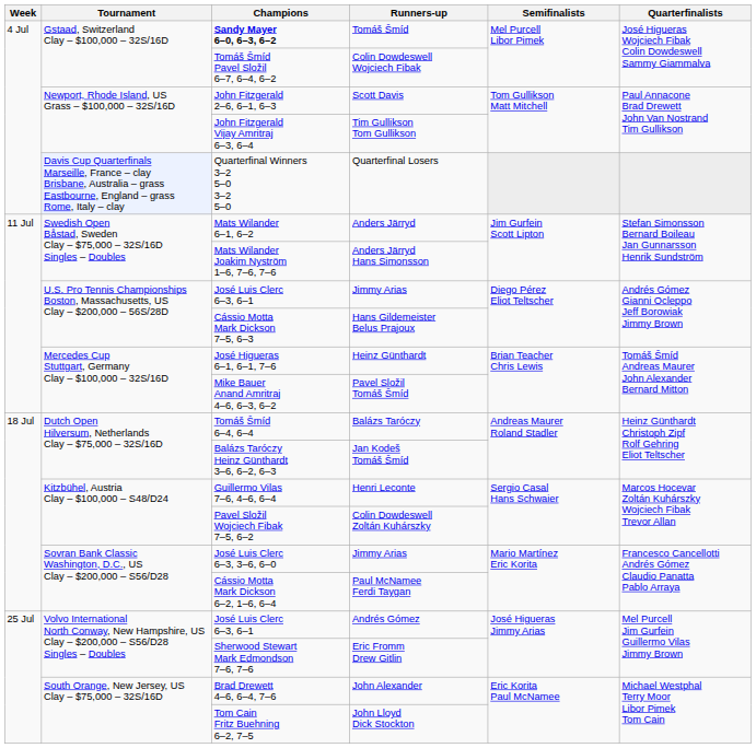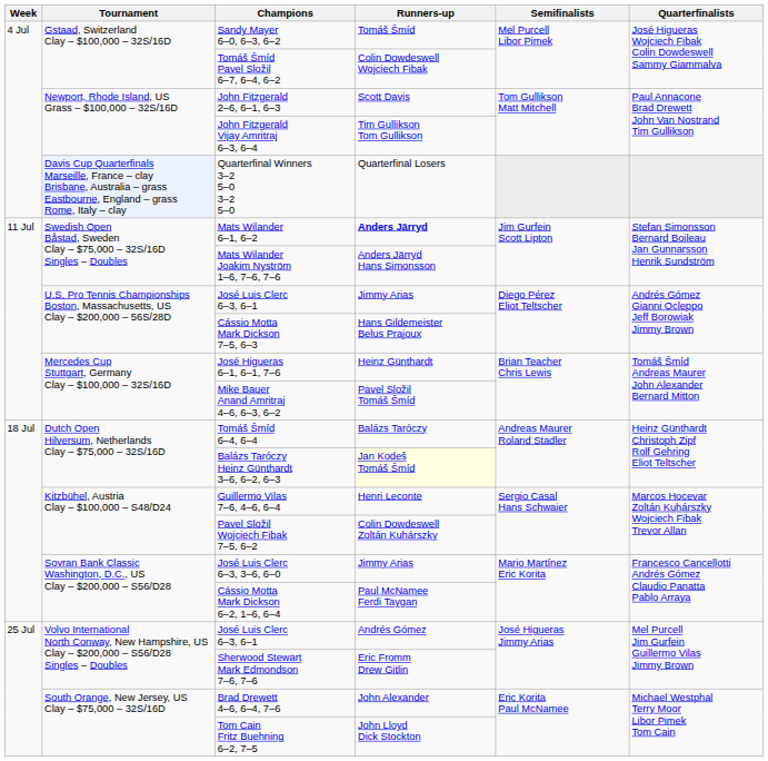 <table class="wikitable" style="font-size:95%;">
 <tr>
 <th style="width:48px;">Week</th>
 <th style="width:248px;">Tournament</th>
 <th style="width:200px;">Champions</th>
 <th style="width:200px;">Runners-up</th>
 <th style="width:190px;">Semifinalists</th>
 <th style="width:190px;">Quarterfinalists</th>
 </tr>
 <tr valign=top>
 <td rowspan=5>4 Jul</td>
 <td rowspan=2><a href='#'>Gstaad</a>, Switzerland <br> Clay – $100,000 – 32S/16D</td>
-<td><strong> <a href='#'>Sandy Mayer</a> <br> 6–0, 6–3, 6–2</strong></td>
+<td> <a href='#'>Sandy Mayer</a> <br> 6–0, 6–3, 6–2</td>
 <td> <a href='#'>Tomáš Šmíd</a></td>
 <td rowspan=2> <a href='#'>Mel Purcell</a> <br>  <a href='#'>Libor Pimek</a></td>
 <td rowspan=2> <a href='#'>José Higueras</a> <br>  <a href='#'>Wojciech Fibak</a> <br>  <a href='#'>Colin Dowdeswell</a> <br>  <a href='#'>Sammy Giammalva</a></td>
 </tr>
 <tr valign=top>
 <td> <a href='#'>Tomáš Šmíd</a> <br>  <a href='#'>Pavel Složil</a> <br> 6–7, 6–4, 6–2</td>
 <td> <a href='#'>Colin Dowdeswell</a> <br>  <a href='#'>Wojciech Fibak</a></td>
 </tr>
 <tr valign=top>
 <td rowspan=2><a href='#'>Newport, Rhode Island</a>, US <br> Grass – $100,000 – 32S/16D</td>
 <td> <a href='#'>John Fitzgerald</a> <br> 2–6, 6–1, 6–3</td>
 <td> <a href='#'>Scott Davis</a></td>
 <td rowspan=2> <a href='#'>Tom Gullikson</a> <br>  <a href='#'>Matt Mitchell</a></td>
 <td rowspan=2> <a href='#'>Paul Annacone</a> <br>  <a href='#'>Brad Drewett</a> <br>  <a href='#'>John Van Nostrand</a> <br>  <a href='#'>Tim Gullikson</a></td>
 </tr>
 <tr valign=top>
 <td> <a href='#'>John Fitzgerald</a> <br>  <a href='#'>Vijay Amritraj</a> <br> 6–3, 6–4</td>
 <td> <a href='#'>Tim Gullikson</a> <br>  <a href='#'>Tom Gullikson</a></td>
 </tr>
 <tr valign=top>
 <td style="background:#ECF2FF;"><a href='#'>Davis Cup Quarterfinals</a><br> <a href='#'>Marseille</a>, France – clay<br> <a href='#'>Brisbane</a>, Australia – grass <br> <a href='#'>Eastbourne</a>, England – grass<br> <a href='#'>Rome</a>, Italy – clay</td>
 <td>Quarterfinal Winners<br> 3–2<br> 5–0<br> 3–2<br> 5–0</td>
 <td>Quarterfinal Losers<br><br><br><br></td>
 <td style="background:#ededed;"></td>
 <td style="background:#ededed;"></td>
 </tr>
 <tr valign=top>
 <td rowspan=6>11 Jul</td>
 <td rowspan=2><a href='#'>Swedish Open</a> <br> <a href='#'>Båstad</a>, Sweden <br> Clay – $75,000 – 32S/16D <br> <a href='#'>Singles</a> – <a href='#'>Doubles</a></td>
 <td> <a href='#'>Mats Wilander</a> <br> 6–1, 6–2</td>
-<td> <a href='#'>Anders Järryd</a></td>
+<td><strong> <a href='#'>Anders Järryd</a></strong></td>
 <td rowspan=2> <a href='#'>Jim Gurfein</a> <br>  <a href='#'>Scott Lipton</a></td>
 <td rowspan=2> <a href='#'>Stefan Simonsson</a> <br>  <a href='#'>Bernard Boileau</a> <br>  <a href='#'>Jan Gunnarsson</a> <br>  <a href='#'>Henrik Sundström</a></td>
 </tr>
 <tr valign=top>
 <td> <a href='#'>Mats Wilander</a> <br>  <a href='#'>Joakim Nyström</a> <br> 1–6, 7–6, 7–6</td>
 <td> <a href='#'>Anders Järryd</a> <br>  <a href='#'>Hans Simonsson</a></td>
 </tr>
 <tr valign=top>
 <td rowspan=2><a href='#'>U.S. Pro Tennis Championships</a> <br> <a href='#'>Boston</a>, Massachusetts, US <br> Clay – $200,000 – 56S/28D</td>
 <td> <a href='#'>José Luis Clerc</a> <br> 6–3, 6–1</td>
 <td> <a href='#'>Jimmy Arias</a></td>
 <td rowspan=2> <a href='#'>Diego Pérez</a> <br>  <a href='#'>Eliot Teltscher</a></td>
 <td rowspan=2> <a href='#'>Andrés Gómez</a> <br>  <a href='#'>Gianni Ocleppo</a> <br>  <a href='#'>Jeff Borowiak</a> <br>  <a href='#'>Jimmy Brown</a></td>
 </tr>
 <tr valign=top>
 <td> <a href='#'>Cássio Motta</a> <br>  <a href='#'>Mark Dickson</a> <br> 7–5, 6–3</td>
 <td> <a href='#'>Hans Gildemeister</a> <br>  <a href='#'>Belus Prajoux</a></td>
 </tr>
 <tr valign=top>
 <td rowspan=2><a href='#'>Mercedes Cup</a> <br> <a href='#'>Stuttgart</a>, Germany <br> Clay – $100,000 – 32S/16D</td>
 <td> <a href='#'>José Higueras</a> <br> 6–1, 6–1, 7–6</td>
 <td> <a href='#'>Heinz Günthardt</a></td>
 <td rowspan=2> <a href='#'>Brian Teacher</a> <br>  <a href='#'>Chris Lewis</a></td>
 <td rowspan=2> <a href='#'>Tomáš Šmíd</a> <br>  <a href='#'>Andreas Maurer</a> <br>  <a href='#'>John Alexander</a> <br>  <a href='#'>Bernard Mitton</a></td>
 </tr>
 <tr valign=top>
 <td> <a href='#'>Mike Bauer</a> <br>  <a href='#'>Anand Amritraj</a> <br> 4–6, 6–3, 6–2</td>
 <td> <a href='#'>Pavel Složil</a> <br>  <a href='#'>Tomáš Šmíd</a></td>
 </tr>
 <tr valign=top>
 <td rowspan=6>18 Jul</td>
 <td rowspan=2><a href='#'>Dutch Open</a> <br> <a href='#'>Hilversum</a>, Netherlands <br> Clay – $75,000 – 32S/16D</td>
 <td> <a href='#'>Tomáš Šmíd</a> <br> 6–4, 6–4</td>
 <td> <a href='#'>Balázs Taróczy</a></td>
 <td rowspan=2> <a href='#'>Andreas Maurer</a> <br>  <a href='#'>Roland Stadler</a></td>
 <td rowspan=2> <a href='#'>Heinz Günthardt</a> <br>  <a href='#'>Christoph Zipf</a> <br>  <a href='#'>Rolf Gehring</a> <br>  <a href='#'>Eliot Teltscher</a></td>
 </tr>
 <tr valign=top>
 <td> <a href='#'>Balázs Taróczy</a> <br>  <a href='#'>Heinz Günthardt</a> <br> 3–6, 6–2, 6–3</td>
-<td> <a href='#'>Jan Kodeš</a> <br>  <a href='#'>Tomáš Šmíd</a></td>
+<td style="background: lightyellow;"> <a href='#'>Jan Kodeš</a> <br>  <a href='#'>Tomáš Šmíd</a></td>
 </tr>
 <tr valign=top>
 <td rowspan=2><a href='#'>Kitzbühel</a>, Austria <br> Clay – $100,000 – S48/D24</td>
 <td> <a href='#'>Guillermo Vilas</a> <br> 7–6, 4–6, 6–4</td>
 <td> <a href='#'>Henri Leconte</a></td>
 <td rowspan=2> <a href='#'>Sergio Casal</a> <br>  <a href='#'>Hans Schwaier</a></td>
 <td rowspan=2> <a href='#'>Marcos Hocevar</a> <br>  <a href='#'>Zoltán Kuhárszky</a> <br>  <a href='#'>Wojciech Fibak</a> <br>  <a href='#'>Trevor Allan</a></td>
 </tr>
 <tr valign=top>
 <td> <a href='#'>Pavel Složil</a> <br>  <a href='#'>Wojciech Fibak</a> <br> 7–5, 6–2</td>
 <td> <a href='#'>Colin Dowdeswell</a> <br>  <a href='#'>Zoltán Kuhárszky</a></td>
 </tr>
 <tr valign=top>
 <td rowspan=2><a href='#'>Sovran Bank Classic</a> <br> <a href='#'>Washington, D.C.</a>, US <br> Clay – $200,000 – S56/D28</td>
 <td> <a href='#'>José Luis Clerc</a> <br> 6–3, 3–6, 6–0</td>
 <td> <a href='#'>Jimmy Arias</a></td>
 <td rowspan=2> <a href='#'>Mario Martínez</a> <br>  <a href='#'>Eric Korita</a></td>
 <td rowspan=2> <a href='#'>Francesco Cancellotti</a> <br>  <a href='#'>Andrés Gómez</a> <br>  <a href='#'>Claudio Panatta</a> <br>  <a href='#'>Pablo Arraya</a></td>
 </tr>
 <tr valign=top>
 <td> <a href='#'>Cássio Motta</a> <br>  <a href='#'>Mark Dickson</a> <br> 6–2, 1–6, 6–4</td>
 <td> <a href='#'>Paul McNamee</a> <br>  <a href='#'>Ferdi Taygan</a></td>
 </tr>
 <tr valign=top>
 <td rowspan=4>25 Jul</td>
 <td rowspan=2><a href='#'>Volvo International</a> <br> <a href='#'>North Conway</a>, New Hampshire, US <br> Clay – $200,000 – S56/D28 <br> <a href='#'>Singles</a> – <a href='#'>Doubles</a></td>
 <td> <a href='#'>José Luis Clerc</a> <br> 6–3, 6–1</td>
 <td> <a href='#'>Andrés Gómez</a></td>
 <td rowspan=2> <a href='#'>José Higueras</a> <br>  <a href='#'>Jimmy Arias</a></td>
 <td rowspan=2> <a href='#'>Mel Purcell</a> <br>  <a href='#'>Jim Gurfein</a> <br>  <a href='#'>Guillermo Vilas</a> <br>  <a href='#'>Jimmy Brown</a></td>
 </tr>
 <tr valign=top>
 <td> <a href='#'>Sherwood Stewart</a> <br>  <a href='#'>Mark Edmondson</a> <br> 7–6, 7–6</td>
 <td> <a href='#'>Eric Fromm</a> <br>  <a href='#'>Drew Gitlin</a></td>
 </tr>
 <tr valign=top>
 <td rowspan=2><a href='#'>South Orange</a>, New Jersey, US <br> Clay – $75,000 – 32S/16D</td>
 <td> <a href='#'>Brad Drewett</a> <br> 4–6, 6–4, 7–6</td>
 <td> <a href='#'>John Alexander</a></td>
 <td rowspan=2> <a href='#'>Eric Korita</a> <br>  <a href='#'>Paul McNamee</a></td>
 <td rowspan=2> <a href='#'>Michael Westphal</a> <br>  <a href='#'>Terry Moor</a> <br>  <a href='#'>Libor Pimek</a> <br>  <a href='#'>Tom Cain</a></td>
 </tr>
 <tr valign=top>
 <td> <a href='#'>Tom Cain</a> <br>  <a href='#'>Fritz Buehning</a> <br> 6–2, 7–5</td>
 <td> <a href='#'>John Lloyd</a> <br>  <a href='#'>Dick Stockton</a></td>
 </tr>
 </table>
